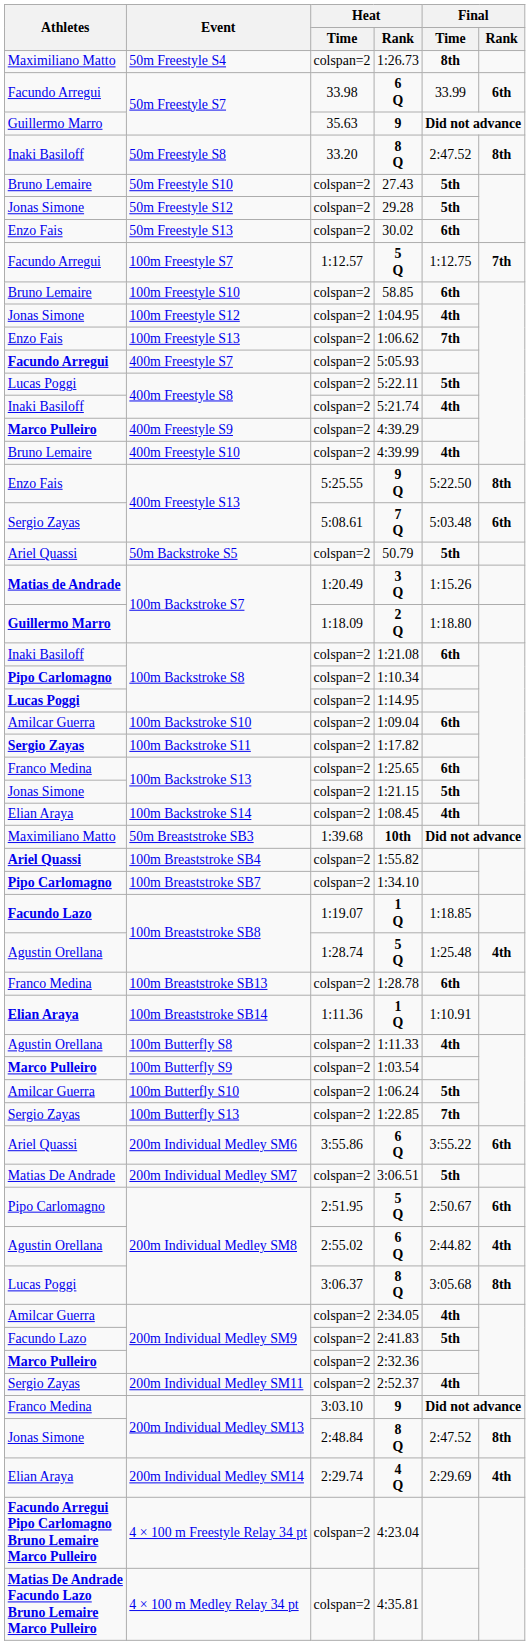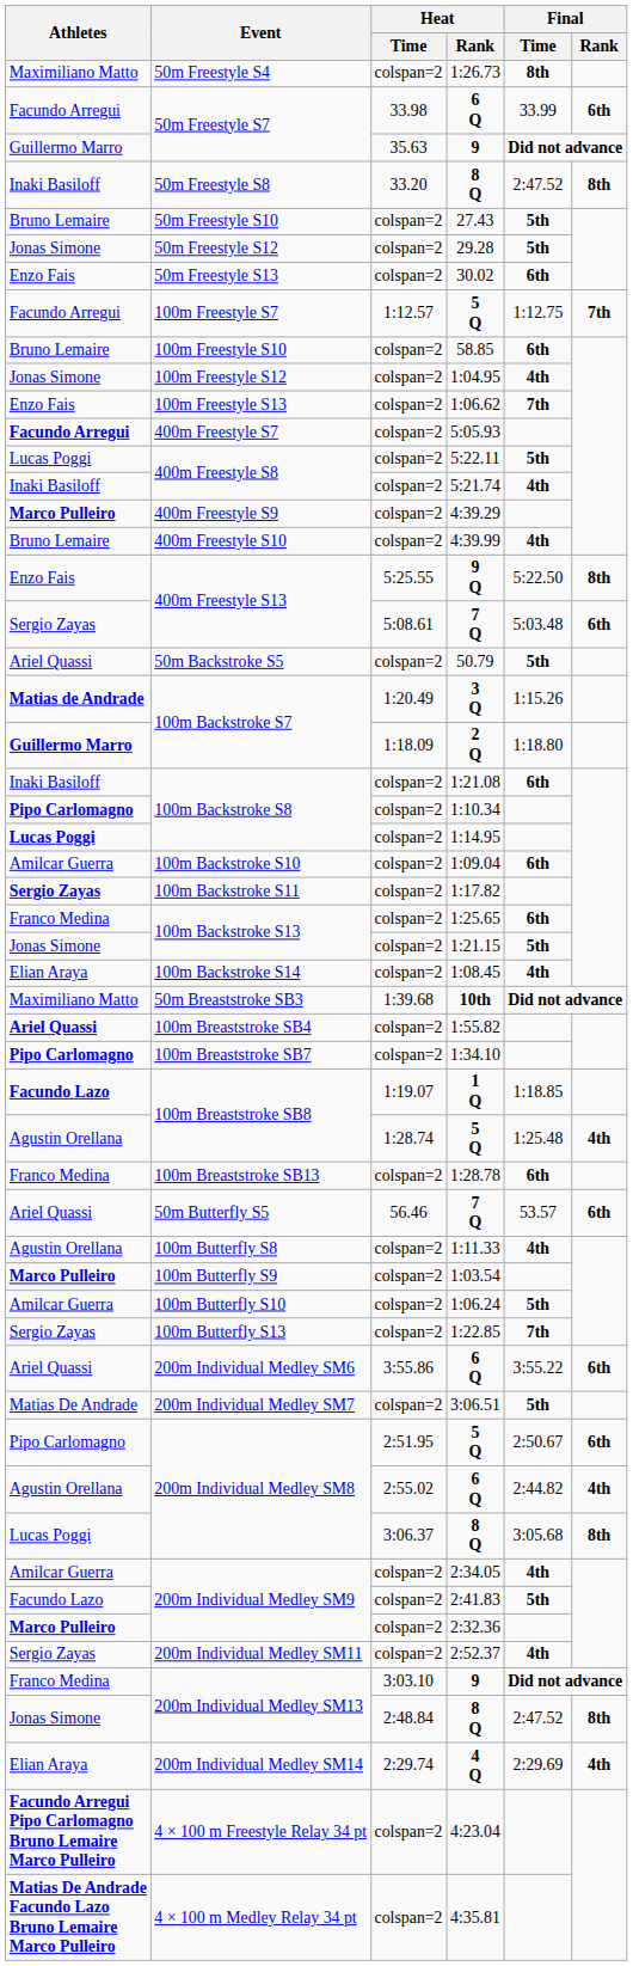 <table class="wikitable" border="1" style="font-size:90%">
 <tr>
 <th rowspan=2>Athletes</th>
 <th rowspan=2>Event</th>
 <th colspan=2>Heat</th>
 <th colspan=2>Final</th>
 </tr>
 <tr>
 <th>Time</th>
 <th>Rank</th>
 <th>Time</th>
 <th>Rank</th>
 </tr>
 <tr>
 <td><a href='#'>Maximiliano Matto</a></td>
 <td><a href='#'>50m Freestyle S4</a></td>
 <td>colspan=2 </td>
 <td align=center>1:26.73</td>
 <td align=center><strong>8th</strong></td>
 </tr>
 <tr>
 <td><a href='#'>Facundo Arregui</a></td>
 <td rowspan=2><a href='#'>50m Freestyle S7</a></td>
 <td align=center>33.98</td>
 <td align=center><strong>6</strong><br><strong>Q</strong></td>
 <td align=center>33.99</td>
 <td align=center><strong>6th</strong></td>
 </tr>
 <tr>
 <td><a href='#'>Guillermo Marro</a></td>
 <td align=center>35.63</td>
 <td align=center><strong>9</strong></td>
 <td align=center colspan=2><strong>Did not advance</strong></td>
 </tr>
 <tr>
 <td><a href='#'>Inaki Basiloff</a></td>
 <td><a href='#'>50m Freestyle S8</a></td>
 <td align=center>33.20</td>
 <td align=center><strong>8</strong><br><strong>Q</strong></td>
 <td align=center>2:47.52</td>
 <td align=center><strong>8th</strong></td>
 </tr>
 <tr>
 <td><a href='#'>Bruno Lemaire</a></td>
 <td><a href='#'>50m Freestyle S10</a></td>
 <td>colspan=2 </td>
 <td align=center>27.43</td>
 <td align=center><strong>5th</strong></td>
 </tr>
 <tr>
 <td><a href='#'>Jonas Simone</a></td>
 <td><a href='#'>50m Freestyle S12</a></td>
 <td>colspan=2 </td>
 <td align=center>29.28</td>
 <td align=center><strong>5th</strong></td>
 </tr>
 <tr>
 <td><a href='#'>Enzo Fais</a></td>
 <td><a href='#'>50m Freestyle S13</a></td>
 <td>colspan=2 </td>
 <td align=center>30.02</td>
 <td align=center><strong>6th</strong></td>
 </tr>
 <tr>
 <td><a href='#'>Facundo Arregui</a></td>
 <td><a href='#'>100m Freestyle S7</a></td>
 <td align=center>1:12.57</td>
 <td align=center><strong>5</strong><br><strong>Q</strong></td>
 <td align=center>1:12.75</td>
 <td align=center><strong>7th</strong></td>
 </tr>
 <tr>
 <td><a href='#'>Bruno Lemaire</a></td>
 <td><a href='#'>100m Freestyle S10</a></td>
 <td>colspan=2 </td>
 <td align=center>58.85</td>
 <td align=center><strong>6th</strong></td>
 </tr>
 <tr>
 <td><a href='#'>Jonas Simone</a></td>
 <td><a href='#'>100m Freestyle S12</a></td>
 <td>colspan=2 </td>
 <td align=center>1:04.95</td>
 <td align=center><strong>4th</strong></td>
 </tr>
 <tr>
 <td><a href='#'>Enzo Fais</a></td>
 <td><a href='#'>100m Freestyle S13</a></td>
 <td>colspan=2 </td>
 <td align=center>1:06.62</td>
 <td align=center><strong>7th</strong></td>
 </tr>
 <tr>
 <td><strong><a href='#'>Facundo Arregui</a></strong></td>
 <td><a href='#'>400m Freestyle S7</a></td>
 <td>colspan=2 </td>
 <td align=center>5:05.93</td>
 <td align=center></td>
 </tr>
 <tr>
 <td><a href='#'>Lucas Poggi</a></td>
 <td rowspan=2><a href='#'>400m Freestyle S8</a></td>
 <td>colspan=2 </td>
 <td align=center>5:22.11</td>
 <td align=center><strong>5th</strong></td>
 </tr>
 <tr>
 <td><a href='#'>Inaki Basiloff</a></td>
 <td>colspan=2 </td>
 <td align=center>5:21.74</td>
 <td align=center><strong>4th</strong></td>
 </tr>
 <tr>
 <td><strong><a href='#'>Marco Pulleiro</a></strong></td>
 <td><a href='#'>400m Freestyle S9</a></td>
 <td>colspan=2 </td>
 <td align=center>4:39.29</td>
 <td align=center></td>
 </tr>
 <tr>
 <td><a href='#'>Bruno Lemaire</a></td>
 <td><a href='#'>400m Freestyle S10</a></td>
 <td>colspan=2 </td>
 <td align=center>4:39.99</td>
 <td align=center><strong>4th</strong></td>
 </tr>
 <tr>
 <td><a href='#'>Enzo Fais</a></td>
 <td rowspan=2><a href='#'>400m Freestyle S13</a></td>
 <td align=center>5:25.55</td>
 <td align=center><strong>9</strong><br><strong>Q</strong></td>
 <td align=center>5:22.50</td>
 <td align=center><strong>8th</strong></td>
 </tr>
 <tr>
 <td><a href='#'>Sergio Zayas</a></td>
 <td align=center>5:08.61</td>
 <td align=center><strong>7</strong><br><strong>Q</strong></td>
 <td align=center>5:03.48</td>
 <td align=center><strong>6th</strong></td>
 </tr>
 <tr>
 <td><a href='#'>Ariel Quassi</a></td>
 <td><a href='#'>50m Backstroke S5</a></td>
 <td>colspan=2 </td>
 <td align=center>50.79</td>
 <td align=center><strong>5th</strong></td>
 </tr>
 <tr>
 <td><strong><a href='#'>Matias de Andrade</a></strong></td>
 <td rowspan=2><a href='#'>100m Backstroke S7</a></td>
 <td align=center>1:20.49</td>
 <td align=center><strong>3</strong><br><strong>Q</strong></td>
 <td align=center>1:15.26</td>
 <td align=center></td>
 </tr>
 <tr>
 <td><strong><a href='#'>Guillermo Marro</a></strong></td>
 <td align=center>1:18.09</td>
 <td align=center><strong>2</strong><br><strong>Q</strong></td>
 <td align=center>1:18.80</td>
 <td align=center></td>
 </tr>
 <tr>
 <td><a href='#'>Inaki Basiloff</a></td>
 <td rowspan=3><a href='#'>100m Backstroke S8</a></td>
 <td>colspan=2 </td>
 <td align=center>1:21.08</td>
 <td align=center><strong>6th</strong></td>
 </tr>
 <tr>
 <td><strong><a href='#'>Pipo Carlomagno</a></strong></td>
 <td>colspan=2 </td>
 <td align=center>1:10.34</td>
 <td align=center></td>
 </tr>
 <tr>
 <td><strong><a href='#'>Lucas Poggi</a></strong></td>
 <td>colspan=2 </td>
 <td align=center>1:14.95</td>
 <td align=center></td>
 </tr>
 <tr>
 <td><a href='#'>Amilcar Guerra</a></td>
 <td><a href='#'>100m Backstroke S10</a></td>
 <td>colspan=2 </td>
 <td align=center>1:09.04</td>
 <td align=center><strong>6th</strong></td>
 </tr>
 <tr>
 <td><strong><a href='#'>Sergio Zayas</a></strong></td>
 <td><a href='#'>100m Backstroke S11</a></td>
 <td>colspan=2 </td>
 <td align=center>1:17.82</td>
 <td align=center></td>
 </tr>
 <tr>
 <td><a href='#'>Franco Medina</a></td>
 <td rowspan=2><a href='#'>100m Backstroke S13</a></td>
 <td>colspan=2 </td>
 <td align=center>1:25.65</td>
 <td align=center><strong>6th</strong></td>
 </tr>
 <tr>
 <td><a href='#'>Jonas Simone</a></td>
 <td>colspan=2 </td>
 <td align=center>1:21.15</td>
 <td align=center><strong>5th</strong></td>
 </tr>
 <tr>
 <td><a href='#'>Elian Araya</a></td>
 <td><a href='#'>100m Backstroke S14</a></td>
 <td>colspan=2 </td>
 <td align=center>1:08.45</td>
 <td align=center><strong>4th</strong></td>
 </tr>
 <tr>
 <td><a href='#'>Maximiliano Matto</a></td>
 <td><a href='#'>50m Breaststroke SB3</a></td>
 <td align=center>1:39.68</td>
 <td align=center><strong>10th</strong></td>
 <td align=center colspan=2><strong>Did not advance</strong></td>
 </tr>
 <tr>
 <td><strong><a href='#'>Ariel Quassi</a></strong></td>
 <td><a href='#'>100m Breaststroke SB4</a></td>
 <td>colspan=2 </td>
 <td align=center>1:55.82</td>
 <td align=center></td>
 </tr>
 <tr>
 <td><strong><a href='#'>Pipo Carlomagno</a></strong></td>
 <td><a href='#'>100m Breaststroke SB7</a></td>
 <td>colspan=2 </td>
 <td align=center>1:34.10</td>
 <td align=center></td>
 </tr>
 <tr>
 <td><strong><a href='#'>Facundo Lazo</a></strong></td>
 <td rowspan=2><a href='#'>100m Breaststroke SB8</a></td>
 <td align=center>1:19.07</td>
 <td align=center><strong>1</strong><br><strong>Q</strong></td>
 <td align=center>1:18.85</td>
 <td align=center></td>
 </tr>
 <tr>
 <td><a href='#'>Agustin Orellana</a></td>
 <td align=center>1:28.74</td>
 <td align=center><strong>5</strong><br><strong>Q</strong></td>
 <td align=center>1:25.48</td>
 <td align=center><strong>4th</strong></td>
 </tr>
 <tr>
 <td><a href='#'>Franco Medina</a></td>
 <td><a href='#'>100m Breaststroke SB13</a></td>
 <td>colspan=2 </td>
 <td align=center>1:28.78</td>
 <td align=center><strong>6th</strong></td>
 </tr>
 <tr>
-<td><strong><a href='#'>Elian Araya</a></strong></td>
-<td><a href='#'>100m Breaststroke SB14</a></td>
-<td align=center>1:11.36</td>
-<td align=center><strong>1</strong><br><strong>Q</strong></td>
-<td align=center>1:10.91</td>
-<td align=center></td>
+<td><a href='#'>Ariel Quassi</a></td>
+<td><a href='#'>50m Butterfly S5</a></td>
+<td align=center>56.46</td>
+<td align=center><strong>7</strong><br><strong>Q</strong></td>
+<td align=center>53.57</td>
+<td align=center><strong>6th</strong></td>
 </tr>
 <tr>
 <td><a href='#'>Agustin Orellana</a></td>
 <td><a href='#'>100m Butterfly S8</a></td>
 <td>colspan=2 </td>
 <td align=center>1:11.33</td>
 <td align=center><strong>4th</strong></td>
 </tr>
 <tr>
 <td><strong><a href='#'>Marco Pulleiro</a></strong></td>
 <td><a href='#'>100m Butterfly S9</a></td>
 <td>colspan=2 </td>
 <td align=center>1:03.54</td>
 <td align=center></td>
 </tr>
 <tr>
 <td><a href='#'>Amilcar Guerra</a></td>
 <td><a href='#'>100m Butterfly S10</a></td>
 <td>colspan=2 </td>
 <td align=center>1:06.24</td>
 <td align=center><strong>5th</strong></td>
 </tr>
 <tr>
 <td><a href='#'>Sergio Zayas</a></td>
 <td><a href='#'>100m Butterfly S13</a></td>
 <td>colspan=2 </td>
 <td align=center>1:22.85</td>
 <td align=center><strong>7th</strong></td>
 </tr>
 <tr>
 <td><a href='#'>Ariel Quassi</a></td>
 <td><a href='#'>200m Individual Medley SM6</a></td>
 <td align=center>3:55.86</td>
 <td align=center><strong>6</strong><br><strong>Q</strong></td>
 <td align=center>3:55.22</td>
 <td align=center><strong>6th</strong></td>
 </tr>
 <tr>
 <td><a href='#'>Matias De Andrade</a></td>
 <td><a href='#'>200m Individual Medley SM7</a></td>
 <td>colspan=2 </td>
 <td align=center>3:06.51</td>
 <td align=center><strong>5th</strong></td>
 </tr>
 <tr>
 <td><a href='#'>Pipo Carlomagno</a></td>
 <td rowspan=3><a href='#'>200m Individual Medley SM8</a></td>
 <td align=center>2:51.95</td>
 <td align=center><strong>5</strong><br><strong>Q</strong></td>
 <td align=center>2:50.67</td>
 <td align=center><strong>6th</strong></td>
 </tr>
 <tr>
 <td><a href='#'>Agustin Orellana</a></td>
 <td align=center>2:55.02</td>
 <td align=center><strong>6</strong><br><strong>Q</strong></td>
 <td align=center>2:44.82</td>
 <td align=center><strong>4th</strong></td>
 </tr>
 <tr>
 <td><a href='#'>Lucas Poggi</a></td>
 <td align=center>3:06.37</td>
 <td align=center><strong>8</strong><br><strong>Q</strong></td>
 <td align=center>3:05.68</td>
 <td align=center><strong>8th</strong></td>
 </tr>
 <tr>
 <td><a href='#'>Amilcar Guerra</a></td>
 <td rowspan=3><a href='#'>200m Individual Medley SM9</a></td>
 <td>colspan=2 </td>
 <td align=center>2:34.05</td>
 <td align=center><strong>4th</strong></td>
 </tr>
 <tr>
 <td><a href='#'>Facundo Lazo</a></td>
 <td>colspan=2 </td>
 <td align=center>2:41.83</td>
 <td align=center><strong>5th</strong></td>
 </tr>
 <tr>
 <td><strong><a href='#'>Marco Pulleiro</a></strong></td>
 <td>colspan=2 </td>
 <td align=center>2:32.36</td>
 <td align=center></td>
 </tr>
 <tr>
 <td><a href='#'>Sergio Zayas</a></td>
 <td><a href='#'>200m Individual Medley SM11</a></td>
 <td>colspan=2 </td>
 <td align=center>2:52.37</td>
 <td align=center><strong>4th</strong></td>
 </tr>
 <tr>
 <td><a href='#'>Franco Medina</a></td>
 <td rowspan=2><a href='#'>200m Individual Medley SM13</a></td>
 <td align=center>3:03.10</td>
 <td align=center><strong>9</strong></td>
 <td align=center colspan=2><strong>Did not advance</strong></td>
 </tr>
 <tr>
 <td><a href='#'>Jonas Simone</a></td>
 <td align=center>2:48.84</td>
 <td align=center><strong>8</strong><br><strong>Q</strong></td>
 <td align=center>2:47.52</td>
 <td align=center><strong>8th</strong></td>
 </tr>
 <tr>
 <td><a href='#'>Elian Araya</a></td>
 <td><a href='#'>200m Individual Medley SM14</a></td>
 <td align=center>2:29.74</td>
 <td align=center><strong>4</strong><br><strong>Q</strong></td>
 <td align=center>2:29.69</td>
 <td align=center><strong>4th</strong></td>
 </tr>
 <tr>
 <td><strong><a href='#'>Facundo Arregui</a><br><a href='#'>Pipo Carlomagno</a><br><a href='#'>Bruno Lemaire</a><br><a href='#'>Marco Pulleiro</a></strong></td>
 <td><a href='#'>4 × 100 m Freestyle Relay 34 pt</a></td>
 <td>colspan=2 </td>
 <td align=center>4:23.04</td>
 <td align=center></td>
 </tr>
 <tr>
 <td><strong><a href='#'>Matias De Andrade</a><br><a href='#'>Facundo Lazo</a><br><a href='#'>Bruno Lemaire</a><br><a href='#'>Marco Pulleiro</a></strong></td>
 <td><a href='#'>4 × 100 m Medley Relay 34 pt</a></td>
 <td>colspan=2 </td>
 <td align=center>4:35.81</td>
 <td align=center></td>
 </tr>
 </table>
